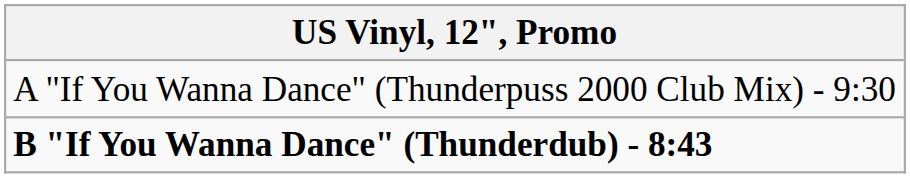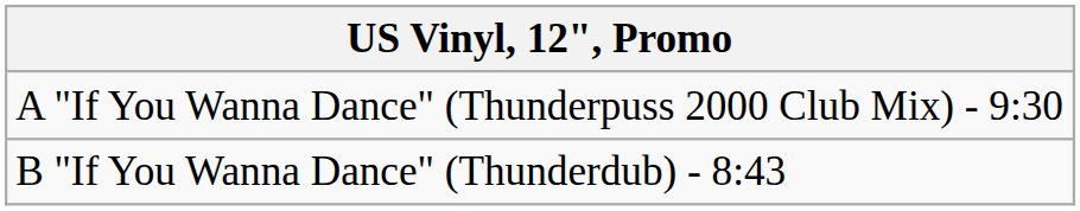 <table class="wikitable">
 <tr>
 <th>US Vinyl, 12", Promo</th>
 </tr>
 <tr>
 <td>A "If You Wanna Dance" (Thunderpuss 2000 Club Mix) - 9:30</td>
 </tr>
 <tr>
-<td><strong>B "If You Wanna Dance" (Thunderdub) - 8:43</strong></td>
+<td>B "If You Wanna Dance" (Thunderdub) - 8:43</td>
 </tr>
 </table>
